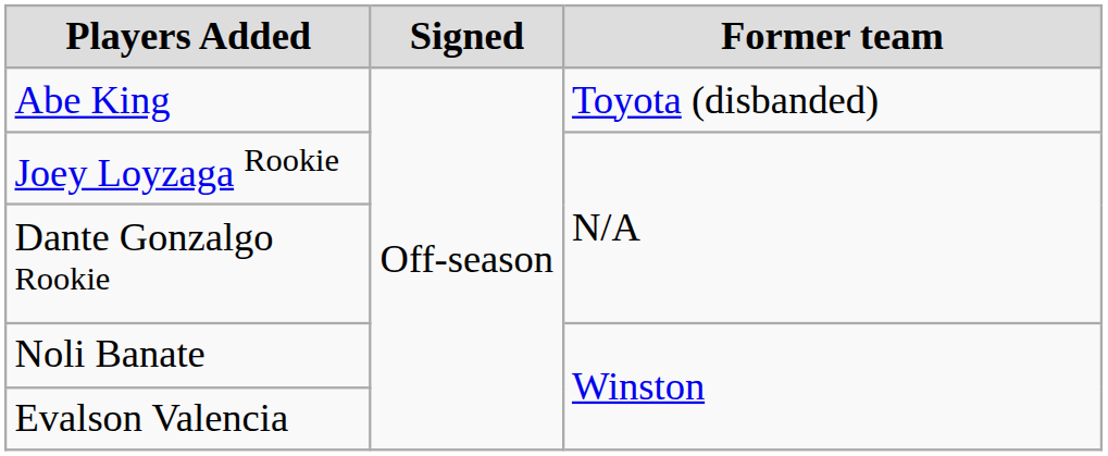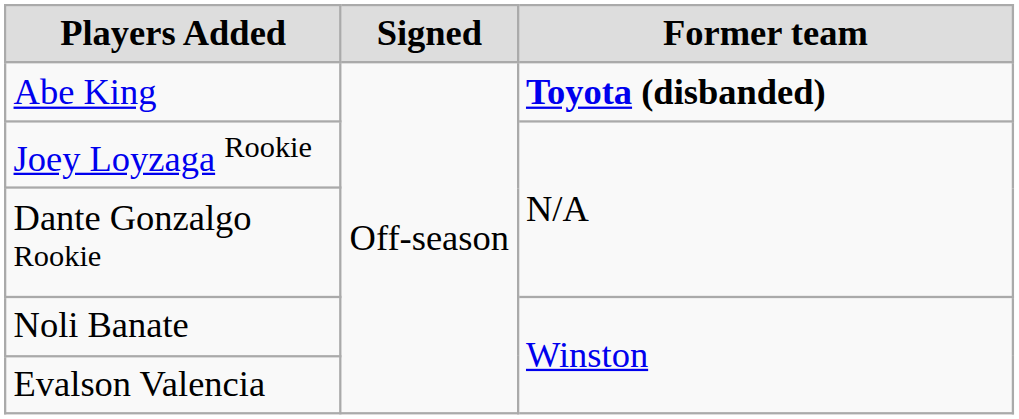 <table class="wikitable sortable sortable">
 <tr align="center" bgcolor="#dddddd">
 <td style="width:140px"><strong>Players Added</strong></td>
 <td style="width:70px"><strong>Signed</strong></td>
 <td style="width:210px"><strong>Former team</strong></td>
 </tr>
 <tr>
 <td><a href='#'>Abe King</a></td>
 <td rowspan="5">Off-season</td>
-<td><a href='#'>Toyota</a> (disbanded)</td>
+<td><strong><a href='#'>Toyota</a> (disbanded)</strong></td>
 </tr>
 <tr>
 <td><a href='#'>Joey Loyzaga</a> <sup>Rookie</sup></td>
 <td rowspan="2">N/A</td>
 </tr>
 <tr>
 <td>Dante Gonzalgo <sup>Rookie</sup></td>
 </tr>
 <tr>
 <td>Noli Banate</td>
 <td rowspan="2"><a href='#'>Winston</a></td>
 </tr>
 <tr>
 <td>Evalson Valencia</td>
 </tr>
 </table>
